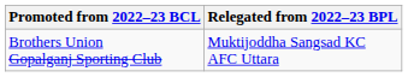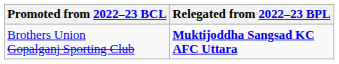 <table class="wikitable skin-nightmode-reset-color">
 <tr>
 <th>Promoted from <a href='#'>2022–23 BCL</a></th>
 <th>Relegated from <a href='#'>2022–23 BPL</a></th>
 </tr>
 <tr>
 <td><a href='#'>Brothers Union</a><br><a href='#'><s>Gopalganj Sporting Club</s></a></td>
-<td><a href='#'>Muktijoddha Sangsad KC</a><br><a href='#'>AFC Uttara</a></td>
+<td><strong><a href='#'>Muktijoddha Sangsad KC</a><br><a href='#'>AFC Uttara</a></strong></td>
 </tr>
 </table>
